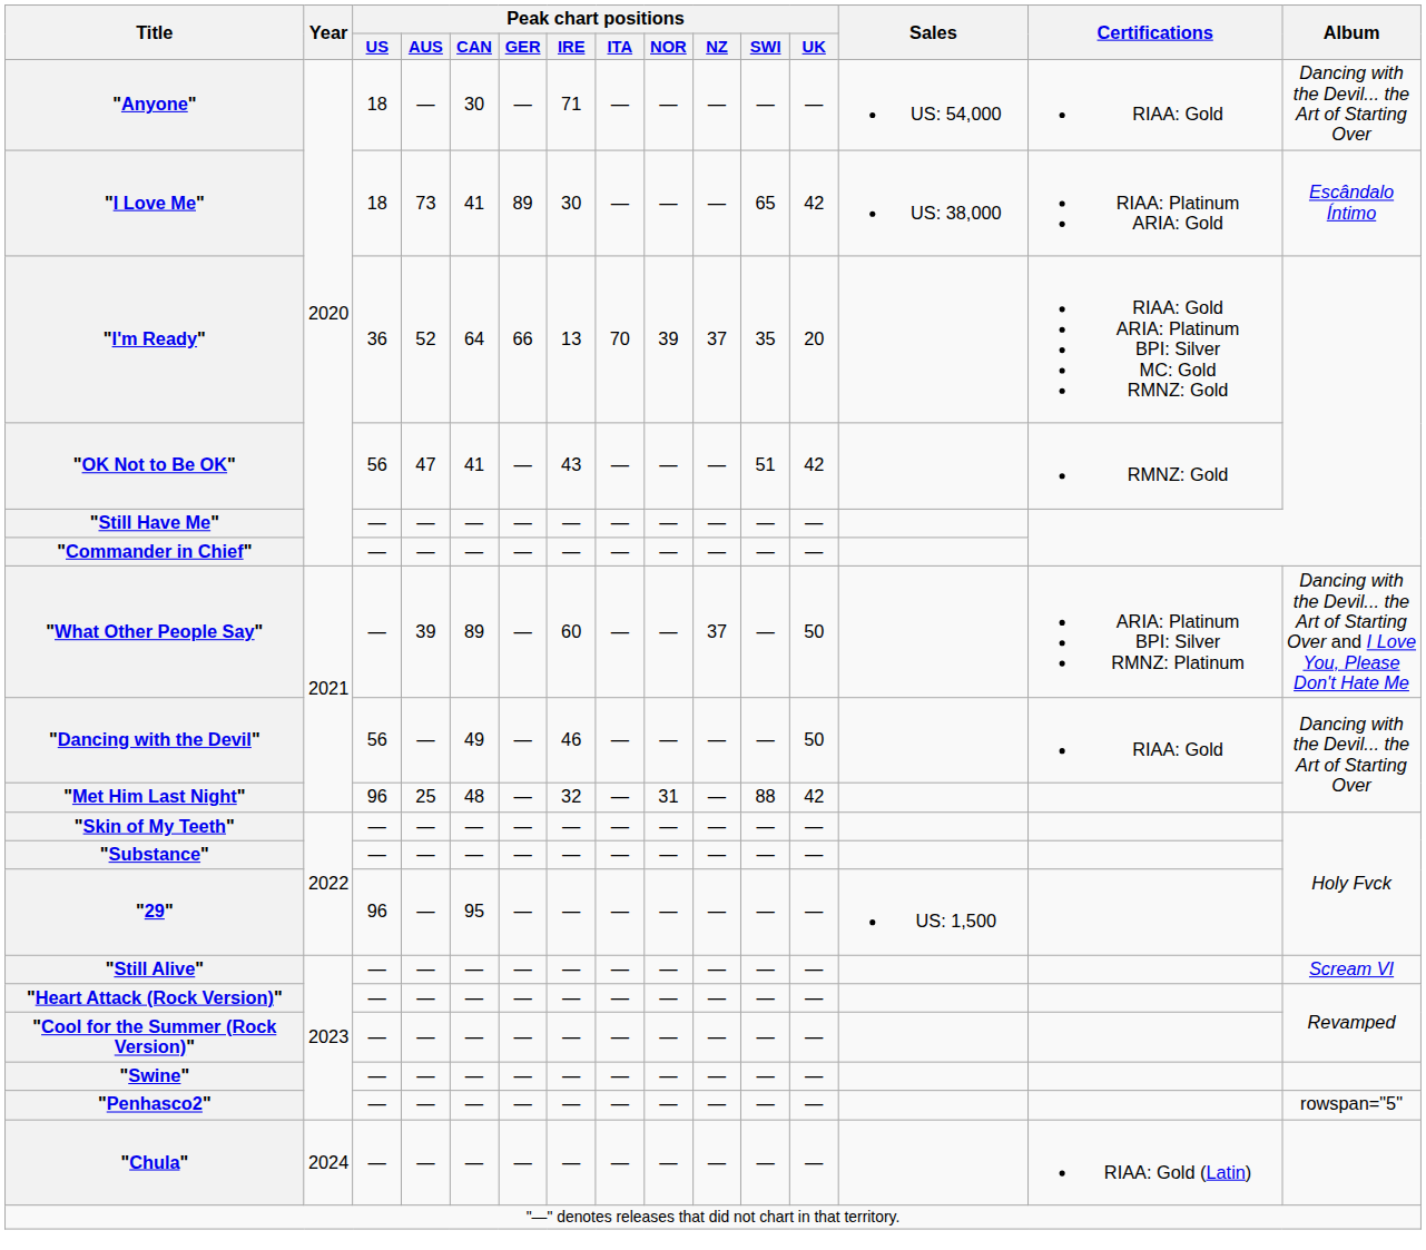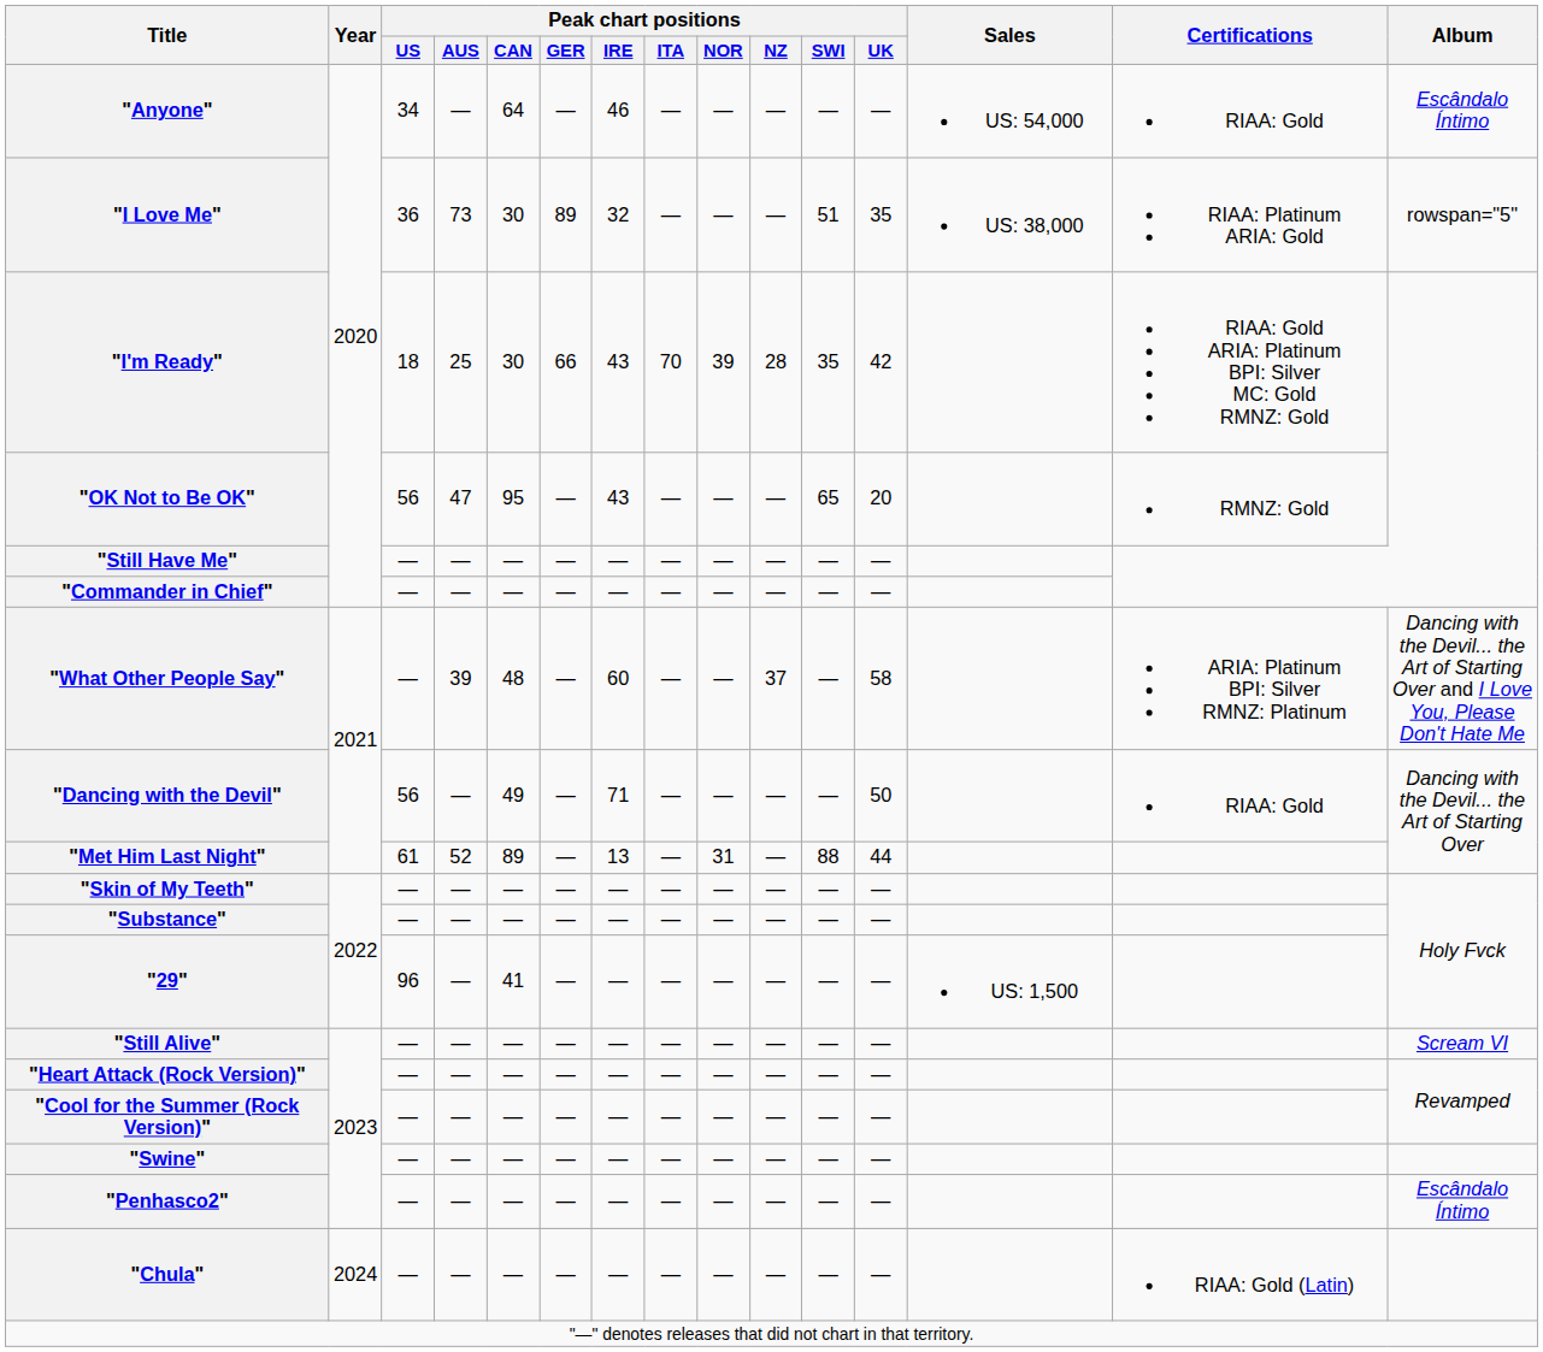 <table class="wikitable plainrowheaders" style="text-align:center;">
 <tr>
 <th scope="col" rowspan="2" style="width:16em;">Title</th>
 <th scope="col" rowspan="2" style="width:1em;">Year</th>
 <th scope="col" colspan="10">Peak chart positions</th>
 <th scope="col" rowspan="2" style="width:10em;">Sales</th>
 <th scope="col" rowspan="2" style="width:13.5em;"><a href='#'>Certifications</a></th>
 <th scope="col" rowspan="2">Album</th>
 </tr>
 <tr>
 <th scope="col" style="width:2.5em;font-size:90%;"><a href='#'>US</a><br></th>
 <th scope="col" style="width:2.5em;font-size:90%;"><a href='#'>AUS</a><br></th>
 <th scope="col" style="width:2.5em;font-size:90%;"><a href='#'>CAN</a><br></th>
 <th scope="col" style="width:2.5em;font-size:90%;"><a href='#'>GER</a><br></th>
 <th scope="col" style="width:2.5em;font-size:90%;"><a href='#'>IRE</a><br></th>
 <th scope="col" style="width:2.5em;font-size:90%;"><a href='#'>ITA</a><br></th>
 <th scope="col" style="width:2.5em;font-size:90%;"><a href='#'>NOR</a><br></th>
 <th scope="col" style="width:2.5em;font-size:90%;"><a href='#'>NZ</a><br></th>
 <th scope="col" style="width:2.5em;font-size:90%;"><a href='#'>SWI</a><br></th>
 <th scope="col" style="width:2.5em;font-size:90%;"><a href='#'>UK</a><br></th>
 </tr>
 <tr>
 <th scope="row">"<a href='#'>Anyone</a>"</th>
 <td rowspan="6">2020</td>
-<td>18</td>
+<td>34</td>
 <td>—</td>
-<td>30</td>
+<td>64</td>
 <td>—</td>
-<td>71</td>
+<td>46</td>
 <td>—</td>
 <td>—</td>
 <td>—</td>
 <td>—</td>
 <td>—</td>
 <td><br><ul><li>US: 54,000</li></ul></td>
 <td><br><ul><li>RIAA: Gold</li></ul></td>
-<td><em>Dancing with the Devil... the Art of Starting Over</em></td>
+<td><em><a href='#'>Escândalo Íntimo</a></em></td>
 </tr>
 <tr>
 <th scope="row">"<a href='#'>I Love Me</a>"</th>
-<td>18</td>
+<td>36</td>
 <td>73</td>
-<td>41</td>
+<td>30</td>
 <td>89</td>
-<td>30</td>
+<td>32</td>
 <td>—</td>
 <td>—</td>
 <td>—</td>
-<td>65</td>
-<td>42</td>
+<td>51</td>
+<td>35</td>
 <td><br><ul><li>US: 38,000</li></ul></td>
 <td><br><ul><li>RIAA: Platinum</li><li>ARIA: Gold</li></ul></td>
-<td><em><a href='#'>Escândalo Íntimo</a></em></td>
+<td>rowspan="5" </td>
 </tr>
 <tr>
 <th scope="row">"<a href='#'>I'm Ready</a>"<br></th>
-<td>36</td>
-<td>52</td>
-<td>64</td>
+<td>18</td>
+<td>25</td>
+<td>30</td>
 <td>66</td>
-<td>13</td>
+<td>43</td>
 <td>70</td>
 <td>39</td>
-<td>37</td>
+<td>28</td>
 <td>35</td>
-<td>20</td>
+<td>42</td>
 <td></td>
 <td><br><ul><li>RIAA: Gold</li><li>ARIA: Platinum</li><li>BPI: Silver</li><li>MC: Gold</li><li>RMNZ: Gold</li></ul></td>
 </tr>
 <tr>
 <th scope="row">"<a href='#'>OK Not to Be OK</a>"<br></th>
 <td>56</td>
 <td>47</td>
-<td>41</td>
+<td>95</td>
 <td>—</td>
 <td>43</td>
 <td>—</td>
 <td>—</td>
 <td>—</td>
-<td>51</td>
-<td>42</td>
+<td>65</td>
+<td>20</td>
 <td></td>
 <td><br><ul><li>RMNZ: Gold</li></ul></td>
 </tr>
 <tr>
 <th scope="row">"<a href='#'>Still Have Me</a>"</th>
 <td>—</td>
 <td>—</td>
 <td>—</td>
 <td>—</td>
 <td>—</td>
 <td>—</td>
 <td>—</td>
 <td>—</td>
 <td>—</td>
 <td>—</td>
 <td></td>
 </tr>
 <tr>
 <th scope="row">"<a href='#'>Commander in Chief</a>"</th>
 <td>—</td>
 <td>—</td>
 <td>—</td>
 <td>—</td>
 <td>—</td>
 <td>—</td>
 <td>—</td>
 <td>—</td>
 <td>—</td>
 <td>—</td>
 <td></td>
 </tr>
 <tr>
 <th scope="row">"<a href='#'>What Other People Say</a>"<br></th>
 <td rowspan="3">2021</td>
 <td>—</td>
 <td>39</td>
-<td>89</td>
+<td>48</td>
 <td>—</td>
 <td>60</td>
 <td>—</td>
 <td>—</td>
 <td>37</td>
 <td>—</td>
-<td>50</td>
+<td>58</td>
 <td></td>
 <td><br><ul><li>ARIA: Platinum</li><li>BPI: Silver</li><li>RMNZ: Platinum</li></ul></td>
 <td><em>Dancing with the Devil... the Art of Starting Over</em> and <em><a href='#'>I Love You, Please Don't Hate Me</a></em></td>
 </tr>
 <tr>
 <th scope="row">"<a href='#'>Dancing with the Devil</a>"</th>
 <td>56</td>
 <td>—</td>
 <td>49</td>
 <td>—</td>
-<td>46</td>
+<td>71</td>
 <td>—</td>
 <td>—</td>
 <td>—</td>
 <td>—</td>
 <td>50</td>
 <td></td>
 <td><br><ul><li>RIAA: Gold</li></ul></td>
 <td rowspan="2"><em>Dancing with the Devil... the Art of Starting Over</em></td>
 </tr>
 <tr>
 <th scope="row">"<a href='#'>Met Him Last Night</a>"<br></th>
-<td>96</td>
-<td>25</td>
-<td>48</td>
+<td>61</td>
+<td>52</td>
+<td>89</td>
 <td>—</td>
-<td>32</td>
+<td>13</td>
 <td>—</td>
 <td>31</td>
 <td>—</td>
 <td>88</td>
-<td>42</td>
+<td>44</td>
 <td></td>
 </tr>
 <tr>
 <th scope="row">"<a href='#'>Skin of My Teeth</a>"</th>
 <td rowspan="3">2022</td>
 <td>—</td>
 <td>—</td>
 <td>—</td>
 <td>—</td>
 <td>—</td>
 <td>—</td>
 <td>—</td>
 <td>—</td>
 <td>—</td>
 <td>—</td>
 <td></td>
 <td></td>
 <td rowspan="3"><em>Holy Fvck</em></td>
 </tr>
 <tr>
 <th scope="row">"<a href='#'>Substance</a>"</th>
 <td>—</td>
 <td>—</td>
 <td>—</td>
 <td>—</td>
 <td>—</td>
 <td>—</td>
 <td>—</td>
 <td>—</td>
 <td>—</td>
 <td>—</td>
 <td></td>
 <td></td>
 </tr>
 <tr>
 <th scope="row">"<a href='#'>29</a>"</th>
 <td>96</td>
 <td>—</td>
-<td>95</td>
+<td>41</td>
 <td>—</td>
 <td>—</td>
 <td>—</td>
 <td>—</td>
 <td>—</td>
 <td>—</td>
 <td>—</td>
 <td><br><ul><li>US: 1,500</li></ul></td>
 <td></td>
 </tr>
 <tr>
 <th scope="row">"<a href='#'>Still Alive</a>"</th>
 <td rowspan="5">2023</td>
 <td>—</td>
 <td>—</td>
 <td>—</td>
 <td>—</td>
 <td>—</td>
 <td>—</td>
 <td>—</td>
 <td>—</td>
 <td>—</td>
 <td>—</td>
 <td></td>
 <td></td>
 <td><em><a href='#'>Scream VI</a></em></td>
 </tr>
 <tr>
 <th scope="row">"<a href='#'>Heart Attack (Rock Version)</a>"</th>
 <td>—</td>
 <td>—</td>
 <td>—</td>
 <td>—</td>
 <td>—</td>
 <td>—</td>
 <td>—</td>
 <td>—</td>
 <td>—</td>
 <td>—</td>
 <td></td>
 <td></td>
 <td rowspan="2"><em>Revamped</em></td>
 </tr>
 <tr>
 <th scope="row">"<a href='#'>Cool for the Summer (Rock Version)</a>"</th>
 <td>—</td>
 <td>—</td>
 <td>—</td>
 <td>—</td>
 <td>—</td>
 <td>—</td>
 <td>—</td>
 <td>—</td>
 <td>—</td>
 <td>—</td>
 <td></td>
 <td></td>
 </tr>
 <tr>
 <th scope="row">"<a href='#'>Swine</a>"</th>
 <td>—</td>
 <td>—</td>
 <td>—</td>
 <td>—</td>
 <td>—</td>
 <td>—</td>
 <td>—</td>
 <td>—</td>
 <td>—</td>
 <td>—</td>
 <td></td>
 <td></td>
 <td></td>
 </tr>
 <tr>
 <th scope="row">"<a href='#'>Penhasco2</a>"<br></th>
 <td>—</td>
 <td>—</td>
 <td>—</td>
 <td>—</td>
 <td>—</td>
 <td>—</td>
 <td>—</td>
 <td>—</td>
 <td>—</td>
 <td>—</td>
 <td></td>
 <td></td>
-<td>rowspan="5" </td>
+<td><em><a href='#'>Escândalo Íntimo</a></em></td>
 </tr>
 <tr>
 <th scope="row">"<a href='#'>Chula</a>"<br></th>
 <td>2024</td>
 <td>—</td>
 <td>—</td>
 <td>—</td>
 <td>—</td>
 <td>—</td>
 <td>—</td>
 <td>—</td>
 <td>—</td>
 <td>—</td>
 <td>—</td>
 <td></td>
 <td><br><ul><li>RIAA: Gold <span>(<a href='#'>Latin</a>)</span></li></ul></td>
 <td></td>
 </tr>
 <tr>
 <td colspan="15" style="font-size:85%">"—" denotes releases that did not chart in that territory.<br></td>
 </tr>
 </table>
